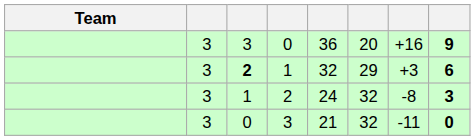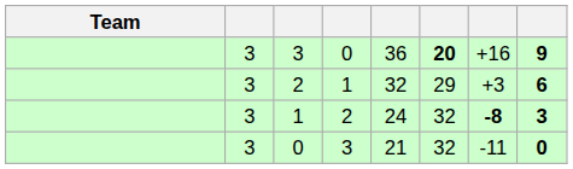 <table class="wikitable" style="text-align:center;font-size:95%">
 <tr>
 <th width=160>Team</th>
 <th width=30></th>
 <th width=30></th>
 <th width=30></th>
 <th width=30></th>
 <th width=30></th>
 <th width=30></th>
 <th width=30></th>
 </tr>
 <tr bgcolor=ccffcc>
 <td align="left"></td>
 <td>3</td>
 <td>3</td>
 <td>0</td>
 <td>36</td>
-<td>20</td>
+<td><strong>20</strong></td>
 <td>+16</td>
 <td><strong>9</strong></td>
 </tr>
 <tr bgcolor=ccffcc>
 <td align="left"></td>
 <td>3</td>
-<td><strong>2</strong></td>
+<td>2</td>
 <td>1</td>
 <td>32</td>
 <td>29</td>
 <td>+3</td>
 <td><strong>6</strong></td>
 </tr>
 <tr bgcolor=ccffcc>
 <td align="left"></td>
 <td>3</td>
 <td>1</td>
 <td>2</td>
 <td>24</td>
 <td>32</td>
-<td>-8</td>
+<td><strong>-8</strong></td>
 <td><strong>3</strong></td>
 </tr>
 <tr bgcolor=ccffcc>
 <td align="left"></td>
 <td>3</td>
 <td>0</td>
 <td>3</td>
 <td>21</td>
 <td>32</td>
 <td>-11</td>
 <td><strong>0</strong></td>
 </tr>
 </table>
